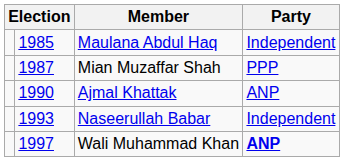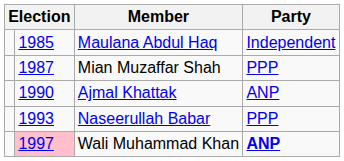 <table class="wikitable">
 <tr>
 <th colspan="2">Election</th>
 <th>Member</th>
 <th>Party</th>
 </tr>
 <tr>
 <td style="background-color: "></td>
 <td><a href='#'>1985</a></td>
 <td><a href='#'>Maulana Abdul Haq</a></td>
 <td><a href='#'>Independent</a></td>
 </tr>
 <tr>
 <td style="background-color: "></td>
 <td><a href='#'>1987</a></td>
 <td>Mian Muzaffar Shah</td>
 <td><a href='#'>PPP</a></td>
 </tr>
 <tr>
 <td style="background-color: "></td>
 <td><a href='#'>1990</a></td>
 <td><a href='#'>Ajmal Khattak</a></td>
 <td><a href='#'>ANP</a></td>
 </tr>
 <tr>
 <td style="background-color: "></td>
 <td><a href='#'>1993</a></td>
 <td><a href='#'>Naseerullah Babar</a></td>
-<td><a href='#'>Independent</a></td>
+<td><a href='#'>PPP</a></td>
 </tr>
 <tr>
 <td style="background-color: "></td>
-<td><a href='#'>1997</a></td>
+<td style="background: pink;"><a href='#'>1997</a></td>
 <td>Wali Muhammad Khan</td>
 <td><strong><a href='#'>ANP</a></strong></td>
 </tr>
 </table>
